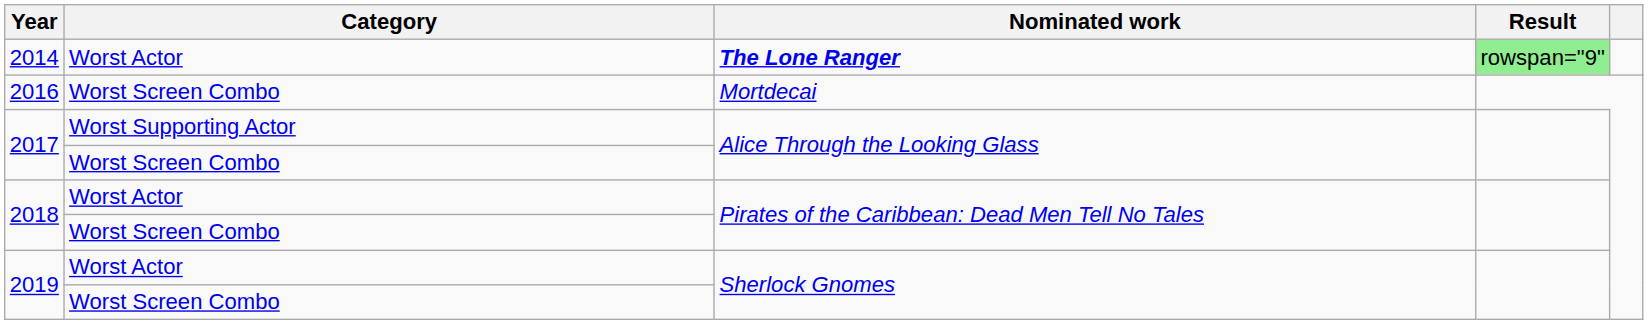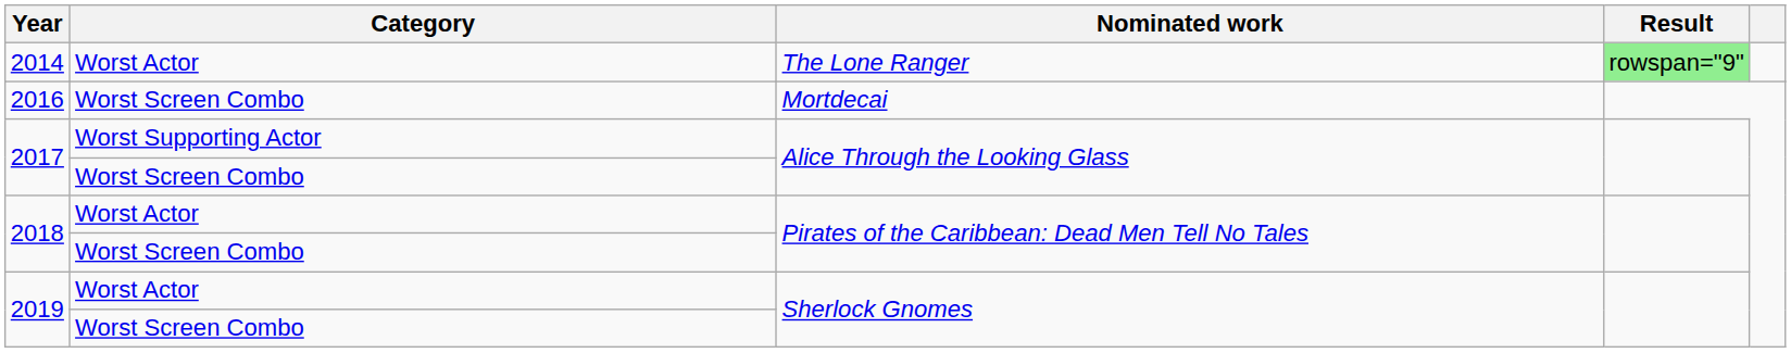 <table class="wikitable sortable">
 <tr>
 <th scope="col" style="width:1em;">Year</th>
 <th scope="col" style="width:29em;">Category</th>
 <th scope="col" style="width:34em;">Nominated work</th>
 <th scope="col" style="width:5em;">Result</th>
 <th scope="col" class="unsortable" style="width:1em;"></th>
 </tr>
 <tr>
 <td><a href='#'>2014</a></td>
 <td rowspan="2"><a href='#'>Worst Actor</a></td>
-<td><strong><em><a href='#'>The Lone Ranger</a></em></strong></td>
+<td><em><a href='#'>The Lone Ranger</a></em></td>
 <td style="background: lightgreen;">rowspan="9" </td>
 <td></td>
 </tr>
 <tr>
 <td rowspan="2"><a href='#'>2016</a></td>
 <td rowspan="2"><em><a href='#'>Mortdecai</a></em></td>
 </tr>
 <tr>
 <td><a href='#'>Worst Screen Combo</a></td>
 </tr>
 <tr>
 <td rowspan="2"><a href='#'>2017</a></td>
 <td><a href='#'>Worst Supporting Actor</a></td>
 <td rowspan="2"><em><a href='#'>Alice Through the Looking Glass</a></em></td>
 <td rowspan="2"></td>
 </tr>
 <tr>
 <td><a href='#'>Worst Screen Combo</a></td>
 </tr>
 <tr>
 <td rowspan="2"><a href='#'>2018</a></td>
 <td><a href='#'>Worst Actor</a></td>
 <td rowspan="2"><em><a href='#'>Pirates of the Caribbean: Dead Men Tell No Tales</a></em></td>
 <td rowspan="2"></td>
 </tr>
 <tr>
 <td><a href='#'>Worst Screen Combo</a></td>
 </tr>
 <tr>
 <td rowspan="2"><a href='#'>2019</a></td>
 <td><a href='#'>Worst Actor</a></td>
 <td rowspan="2"><em><a href='#'>Sherlock Gnomes</a></em></td>
 <td rowspan="2"></td>
 </tr>
 <tr>
 <td><a href='#'>Worst Screen Combo</a></td>
 </tr>
 </table>
